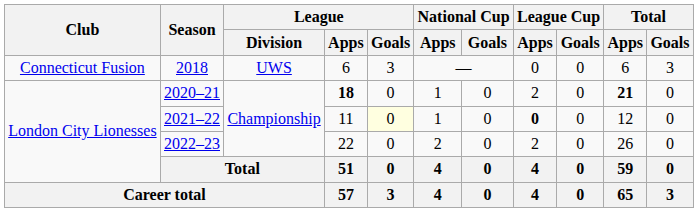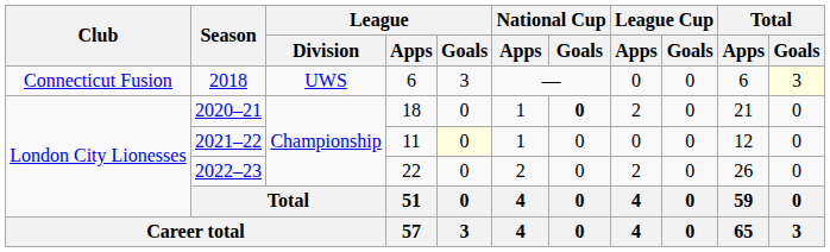 <table class="wikitable" style="text-align:center">
 <tr>
 <th rowspan="2">Club</th>
 <th rowspan="2">Season</th>
 <th colspan="3">League</th>
 <th colspan="2">National Cup</th>
 <th colspan="2">League Cup</th>
 <th colspan="2">Total</th>
 </tr>
 <tr>
 <th>Division</th>
 <th>Apps</th>
 <th>Goals</th>
 <th>Apps</th>
 <th>Goals</th>
 <th>Apps</th>
 <th>Goals</th>
 <th>Apps</th>
 <th>Goals</th>
 </tr>
 <tr>
 <td><a href='#'>Connecticut Fusion</a></td>
 <td><a href='#'>2018</a></td>
 <td><a href='#'>UWS</a></td>
 <td>6</td>
 <td>3</td>
 <td colspan=2>—</td>
 <td>0</td>
 <td>0</td>
 <td>6</td>
-<td>3</td>
+<td style="background: lightyellow;">3</td>
 </tr>
 <tr>
 <td rowspan=4><a href='#'>London City Lionesses</a></td>
 <td><a href='#'>2020–21</a></td>
 <td rowspan=3><a href='#'>Championship</a></td>
-<td><strong>18</strong></td>
+<td>18</td>
 <td>0</td>
 <td>1</td>
-<td>0</td>
+<td><strong>0</strong></td>
 <td>2</td>
 <td>0</td>
-<td><strong>21</strong></td>
+<td>21</td>
 <td>0</td>
 </tr>
 <tr>
 <td><a href='#'>2021–22</a></td>
 <td>11</td>
 <td style="background: lightyellow;">0</td>
 <td>1</td>
 <td>0</td>
-<td><strong>0</strong></td>
+<td>0</td>
 <td>0</td>
 <td>12</td>
 <td>0</td>
 </tr>
 <tr>
 <td><a href='#'>2022–23</a></td>
 <td>22</td>
 <td>0</td>
 <td>2</td>
 <td>0</td>
 <td>2</td>
 <td>0</td>
 <td>26</td>
 <td>0</td>
 </tr>
 <tr>
 <th colspan="2">Total</th>
 <th>51</th>
 <th>0</th>
 <th>4</th>
 <th>0</th>
 <th>4</th>
 <th>0</th>
 <th>59</th>
 <th>0</th>
 </tr>
 <tr>
 <th colspan="3">Career total</th>
 <th>57</th>
 <th>3</th>
 <th>4</th>
 <th>0</th>
 <th>4</th>
 <th>0</th>
 <th>65</th>
 <th>3</th>
 </tr>
 </table>
